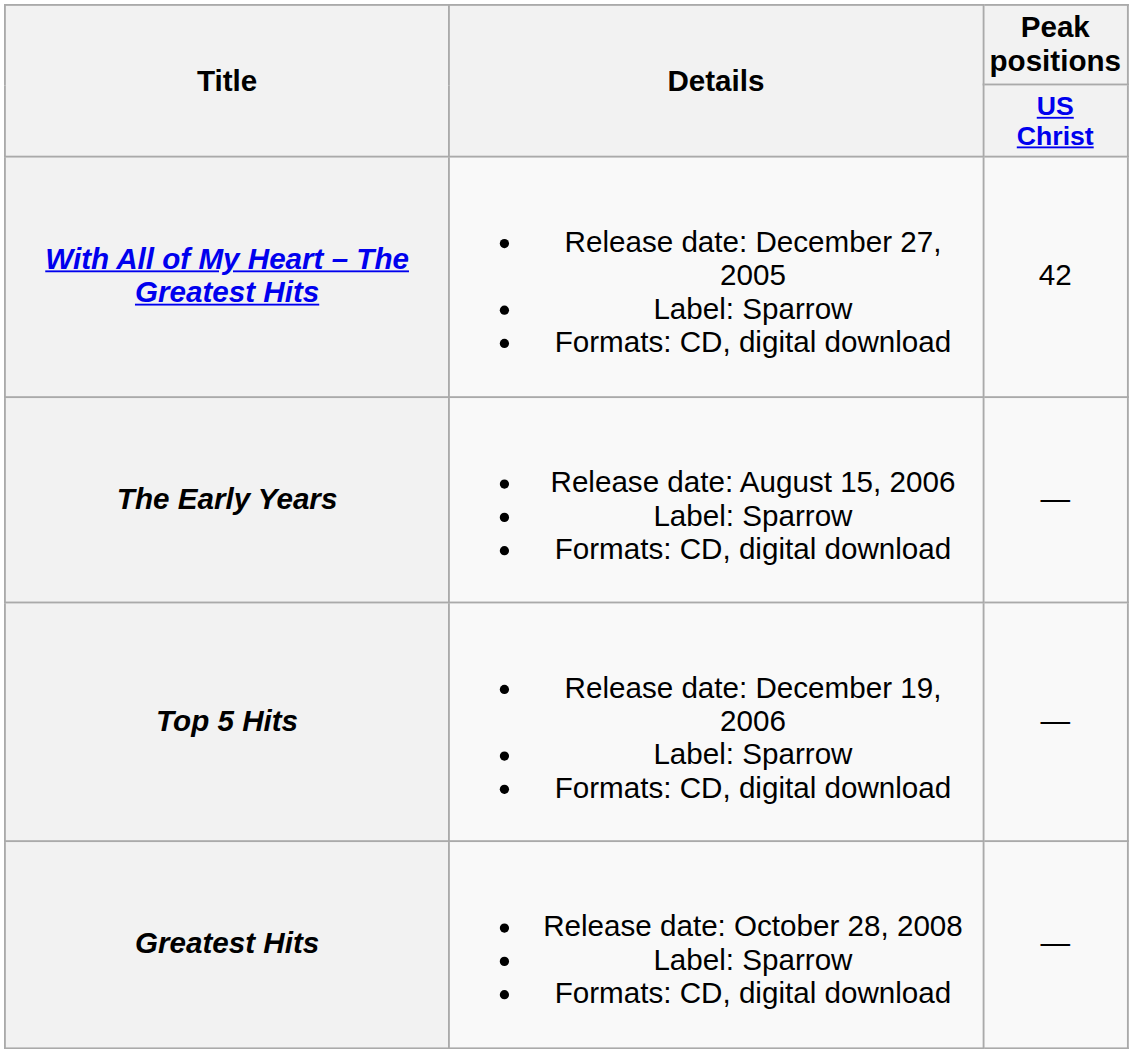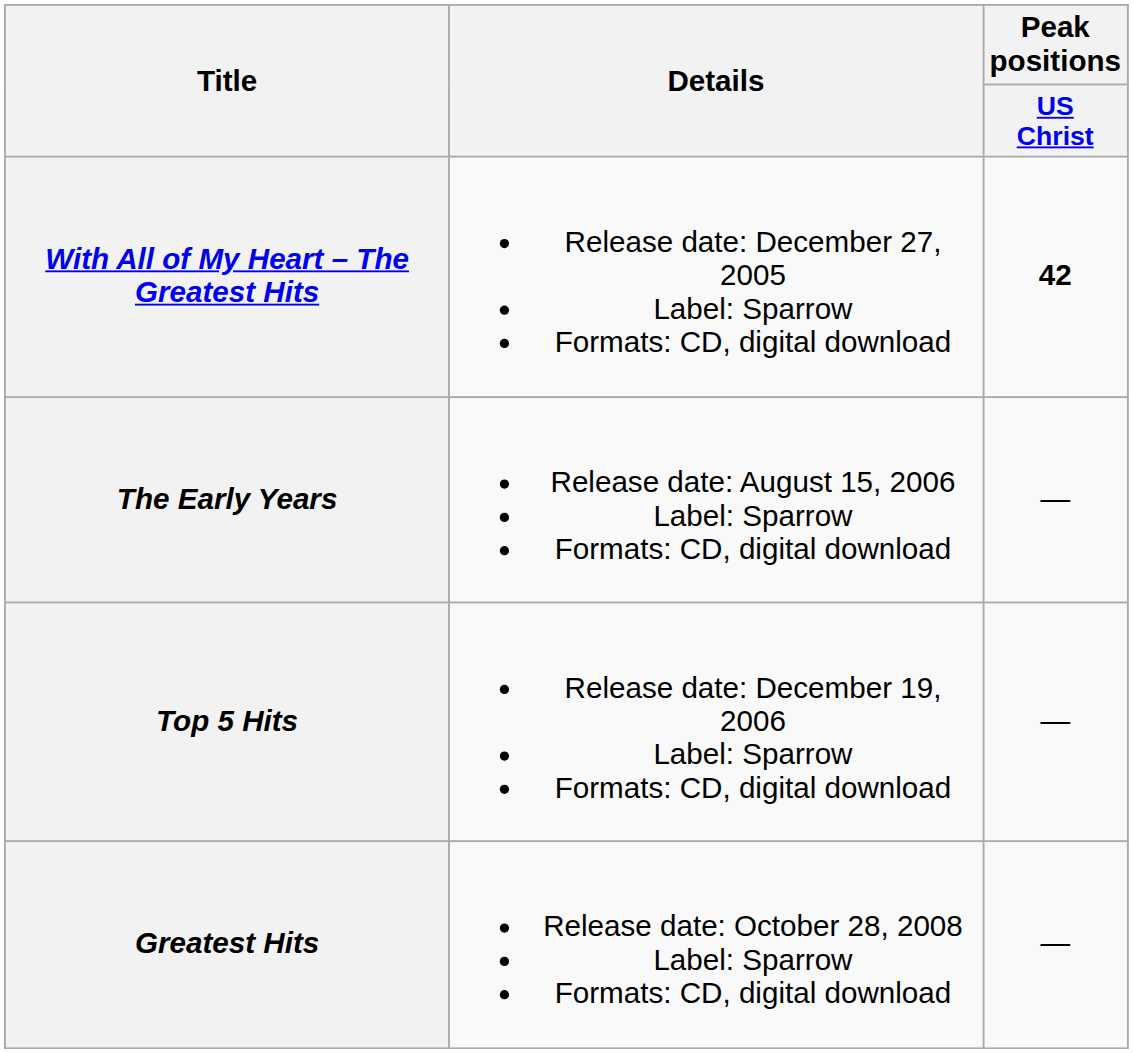 <table class="wikitable plainrowheaders" style="text-align:center;">
 <tr>
 <th scope="col" rowspan="2" style="width:16em;">Title</th>
 <th scope="col" rowspan="2" style="width:19em;">Details</th>
 <th scope="col" colspan="1">Peak positions</th>
 </tr>
 <tr>
 <th style="width:3em; font-size:90%"><a href='#'>US <br>Christ</a><br></th>
 </tr>
 <tr>
 <th scope="row"><em><a href='#'>With All of My Heart – The Greatest Hits</a></em></th>
 <td><br><ul><li>Release date: December 27, 2005</li><li>Label: Sparrow</li><li>Formats: CD, digital download</li></ul></td>
-<td>42</td>
+<td><strong>42</strong></td>
 </tr>
 <tr>
 <th scope="row"><em>The Early Years</em></th>
 <td><br><ul><li>Release date: August 15, 2006</li><li>Label: Sparrow</li><li>Formats: CD, digital download</li></ul></td>
 <td>—</td>
 </tr>
 <tr>
 <th scope="row"><em>Top 5 Hits</em></th>
 <td><br><ul><li>Release date:  December 19, 2006</li><li>Label: Sparrow</li><li>Formats: CD, digital download</li></ul></td>
 <td>—</td>
 </tr>
 <tr>
 <th scope="row"><em>Greatest Hits</em></th>
 <td><br><ul><li>Release date:  October 28, 2008</li><li>Label: Sparrow</li><li>Formats: CD, digital download</li></ul></td>
 <td>—</td>
 </tr>
 </table>
